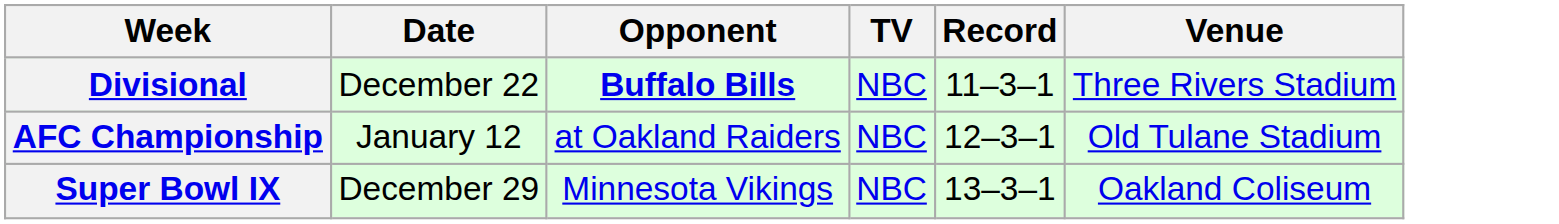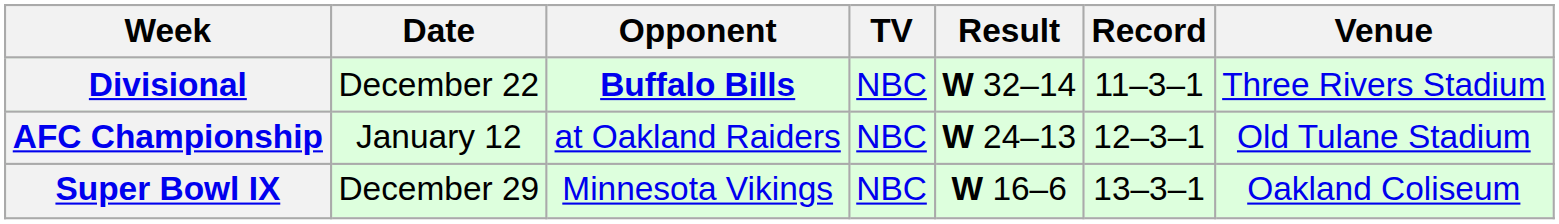 <table class="wikitable" style="text-align: center">
 <tr>
 <th>Week</th>
 <th>Date</th>
 <th>Opponent</th>
 <th>TV</th>
+<th>Result</th>
 <th>Record</th>
 <th>Venue</th>
 </tr>
 <tr style="background: #ddffdd;">
 <th><strong><a href='#'>Divisional</a></strong></th>
 <td>December 22</td>
 <td><strong><a href='#'>Buffalo Bills</a></strong></td>
 <td><a href='#'>NBC</a></td>
+<td><strong>W</strong> 32–14</td>
 <td>11–3–1</td>
 <td><a href='#'>Three Rivers Stadium</a></td>
 </tr>
 <tr style="background: #ddffdd;">
 <th><strong><a href='#'>AFC Championship</a></strong></th>
 <td>January 12</td>
 <td><a href='#'>at Oakland Raiders</a></td>
 <td><a href='#'>NBC</a></td>
+<td><strong>W</strong> 24–13</td>
 <td>12–3–1</td>
 <td><a href='#'>Old Tulane Stadium</a></td>
 </tr>
 <tr style="background: #ddffdd;">
 <th><strong><a href='#'>Super Bowl IX</a></strong></th>
 <td>December 29</td>
 <td><a href='#'>Minnesota Vikings</a></td>
 <td><a href='#'>NBC</a></td>
+<td><strong>W</strong> 16–6</td>
 <td>13–3–1</td>
 <td><a href='#'>Oakland Coliseum</a></td>
 </tr>
 </table>
